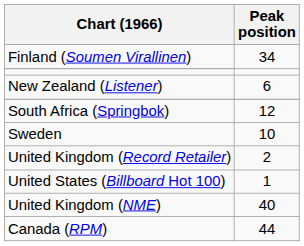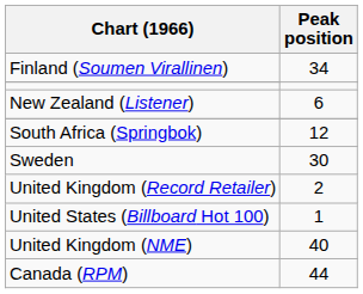 <table class="wikitable sortable">
 <tr>
 <th>Chart (1966)</th>
 <th>Peak<br>position</th>
 </tr>
 <tr>
 <td>Finland (<a href='#'><em>Soumen Virallinen</em></a>)</td>
 <td style="text-align:center;">34</td>
 </tr>
 <tr>
 </tr>
 <tr>
 </tr>
 <tr>
 <td></td>
 </tr>
 <tr>
 <td>New Zealand (<em><a href='#'>Listener</a></em>)</td>
 <td style="text-align:center;">6</td>
 </tr>
 <tr>
 </tr>
 <tr>
 <td>South Africa (<a href='#'>Springbok</a>)</td>
 <td align="center">12</td>
 </tr>
 <tr>
 <td>Sweden</td>
-<td style="text-align:center;">10</td>
+<td style="text-align:center;">30</td>
 </tr>
 <tr>
 <td>United Kingdom (<em><a href='#'>Record Retailer</a></em>)</td>
 <td style="text-align:center;">2</td>
 </tr>
 <tr>
 <td>United States (<a href='#'><em>Billboard</em> Hot 100</a>)</td>
 <td style="text-align:center;">1</td>
 </tr>
 <tr>
 <td>United Kingdom (<em><a href='#'>NME</a></em>)</td>
 <td style="text-align:center;">40</td>
 </tr>
 <tr>
 <td>Canada (<a href='#'><em>RPM</em></a>)</td>
 <td style="text-align:center;">44</td>
 </tr>
 </table>
